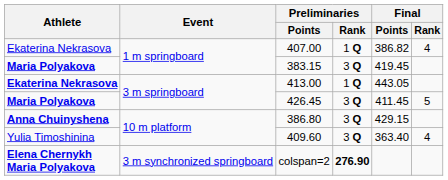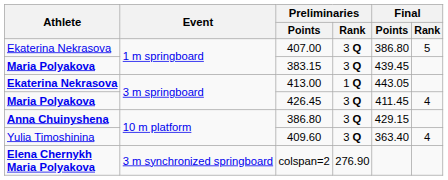 <table class="wikitable" style="text-align:center; font-size:90%">
 <tr>
 <th rowspan=2>Athlete</th>
 <th rowspan=2>Event</th>
 <th colspan=2>Preliminaries</th>
 <th colspan=2>Final</th>
 </tr>
 <tr style="font-size:95%">
 <th>Points</th>
 <th>Rank</th>
 <th>Points</th>
 <th>Rank</th>
 </tr>
 <tr align=center>
 <td align=left><a href='#'>Ekaterina Nekrasova</a></td>
 <td style="text-align:left;" rowspan=2><a href='#'>1 m springboard</a></td>
 <td>407.00</td>
-<td>1 <strong>Q</strong></td>
-<td>386.82</td>
-<td>4</td>
+<td>3 <strong>Q</strong></td>
+<td>386.80</td>
+<td>5</td>
 </tr>
 <tr>
 <td align=left><strong><a href='#'>Maria Polyakova</a></strong></td>
 <td>383.15</td>
 <td>3 <strong>Q</strong></td>
-<td>419.45</td>
+<td>439.45</td>
 <td></td>
 </tr>
 <tr>
 <td align=left><strong><a href='#'>Ekaterina Nekrasova</a></strong></td>
 <td style="text-align:left;" rowspan=2><a href='#'>3 m springboard</a></td>
 <td>413.00</td>
 <td>1 <strong>Q</strong></td>
 <td>443.05</td>
 <td></td>
 </tr>
 <tr>
 <td align=left><strong><a href='#'>Maria Polyakova</a></strong></td>
 <td>426.45</td>
 <td>3 <strong>Q</strong></td>
 <td>411.45</td>
-<td>5</td>
+<td>4</td>
 </tr>
 <tr>
 <td align=left><strong><a href='#'>Anna Chuinyshena</a></strong></td>
 <td style="text-align:left;" rowspan=2><a href='#'>10 m platform</a></td>
 <td>386.80</td>
 <td>3 <strong>Q</strong></td>
 <td>429.15</td>
 <td></td>
 </tr>
 <tr>
 <td align=left><a href='#'>Yulia Timoshinina</a></td>
 <td>409.60</td>
 <td>3 <strong>Q</strong></td>
 <td>363.40</td>
 <td>4</td>
 </tr>
 <tr>
 <td align=left><strong><a href='#'>Elena Chernykh</a><br><a href='#'>Maria Polyakova</a></strong></td>
 <td align=left><a href='#'>3 m synchronized springboard</a></td>
 <td>colspan=2 </td>
-<td><strong>276.90</strong></td>
+<td>276.90</td>
 <td></td>
 </tr>
 </table>
